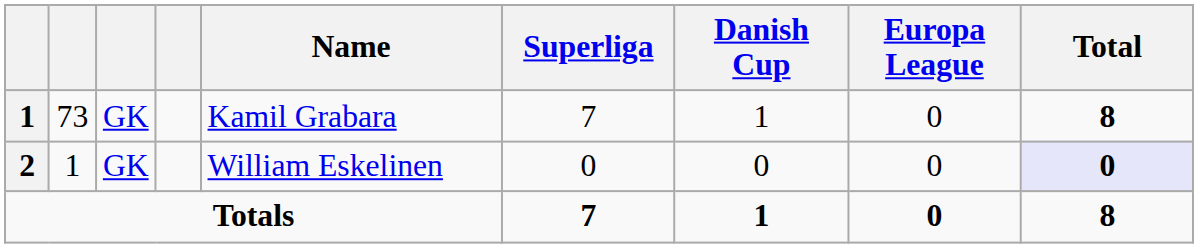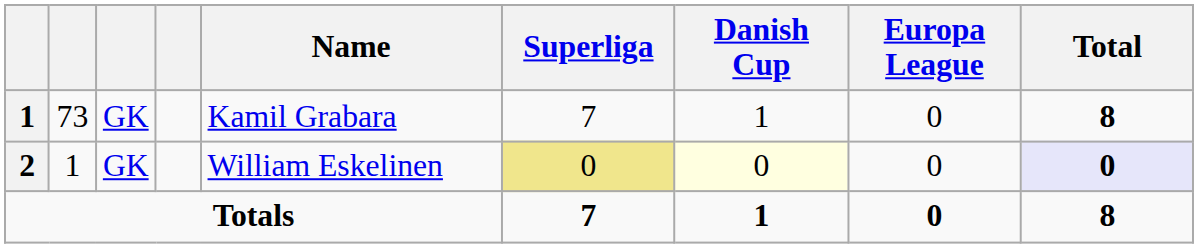 <table class="wikitable" style="text-align:center">
 <tr>
 <th width=15></th>
 <th width=15></th>
 <th width=15></th>
 <th width=15></th>
 <th width=145>Name</th>
 <th width=80><a href='#'>Superliga</a></th>
 <th width=80><a href='#'>Danish Cup</a></th>
 <th width=80><a href='#'>Europa League</a></th>
 <th width=80>Total</th>
 </tr>
 <tr>
 <th rowspan=1>1</th>
 <td>73</td>
 <td><a href='#'>GK</a></td>
 <td></td>
 <td align=left><a href='#'>Kamil Grabara</a></td>
 <td>7</td>
 <td>1</td>
 <td>0</td>
 <td><strong>8</strong></td>
 </tr>
 <tr>
 <th rowspan=1>2</th>
 <td>1</td>
 <td><a href='#'>GK</a></td>
 <td></td>
 <td align=left><a href='#'>William Eskelinen</a></td>
-<td>0</td>
-<td>0</td>
+<td style="background: khaki;">0</td>
+<td style="background: lightyellow;">0</td>
 <td>0</td>
 <td style="background: lavender;"><strong>0</strong></td>
 </tr>
 <tr>
 <td colspan=5><strong>Totals</strong></td>
 <td><strong>7</strong></td>
 <td><strong>1</strong></td>
 <td><strong>0</strong></td>
 <td><strong>8</strong></td>
 </tr>
 </table>
